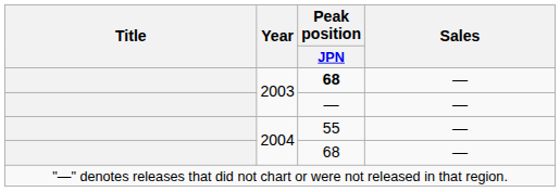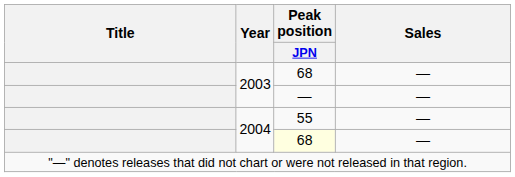 <table class="wikitable plainrowheaders" style="text-align:center" border="1">
 <tr>
 <th scope="col" rowspan="2" style="width:16em;">Title</th>
 <th scope="col" rowspan="2" style="width:2em;">Year</th>
 <th scope="col" colspan="1">Peak position</th>
 <th scope="col" rowspan="2" style="width:12em;">Sales</th>
 </tr>
 <tr>
 <th scope="col" style="width:3em;font-size:90%;"><a href='#'>JPN</a><br></th>
 </tr>
 <tr>
 <th scope="row"></th>
 <td rowspan="2">2003</td>
-<td><strong>68</strong></td>
+<td>68</td>
 <td>—</td>
 </tr>
 <tr>
 <th scope="row"><br></th>
 <td>—</td>
 <td>—</td>
 </tr>
 <tr>
 <th scope="row"></th>
 <td rowspan="2">2004</td>
 <td>55</td>
 <td>—</td>
 </tr>
 <tr>
 <th scope="row"></th>
-<td>68</td>
+<td style="background: lightyellow;">68</td>
 <td>—</td>
 </tr>
 <tr>
 <td colspan="4" style="font-size:90%;">"—" denotes releases that did not chart or were not released in that region.</td>
 </tr>
 </table>
